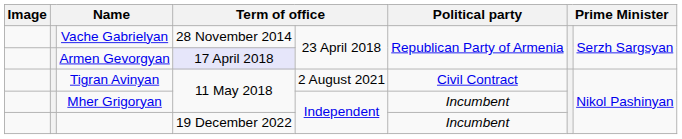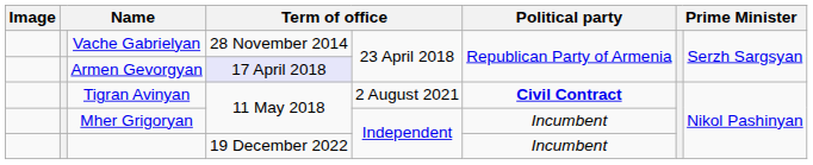 <table class="wikitable" style="text-align:center">
 <tr>
 <th>Image</th>
 <th colspan="2">Name</th>
 <th colspan="2">Term of office</th>
 <th>Political party</th>
 <th colspan="2">Prime Minister</th>
 </tr>
 <tr>
 <td></td>
 <th style="background:"></th>
 <td><a href='#'>Vache Gabrielyan</a></td>
 <td>28 November 2014</td>
 <td rowspan="2">23 April 2018</td>
 <td rowspan="2"><a href='#'>Republican Party of Armenia</a></td>
 <th rowspan="2" style="background:"></th>
 <td rowspan="2"><a href='#'>Serzh Sargsyan</a><br></td>
 </tr>
 <tr>
 <td></td>
 <th style="background:"></th>
 <td><a href='#'>Armen Gevorgyan</a></td>
 <td style="background: lavender;">17 April 2018</td>
 </tr>
 <tr>
 <td></td>
 <th style="background:"></th>
 <td><a href='#'>Tigran Avinyan</a></td>
 <td rowspan="2">11 May 2018</td>
 <td>2 August 2021</td>
-<td><a href='#'>Civil Contract</a></td>
+<td><strong><a href='#'>Civil Contract</a></strong></td>
 <th rowspan="3" style="background:"></th>
 <td rowspan="3"><a href='#'>Nikol Pashinyan</a><br></td>
 </tr>
 <tr>
 <td></td>
 <th style="background:"></th>
 <td><a href='#'>Mher Grigoryan</a></td>
 <td rowspan="2"><a href='#'>Independent</a></td>
 <td><em>Incumbent</em></td>
 </tr>
 <tr>
 <td></td>
 <th style="background:"></th>
 <td></td>
 <td>19 December 2022</td>
 <td><em>Incumbent</em></td>
 </tr>
 </table>
